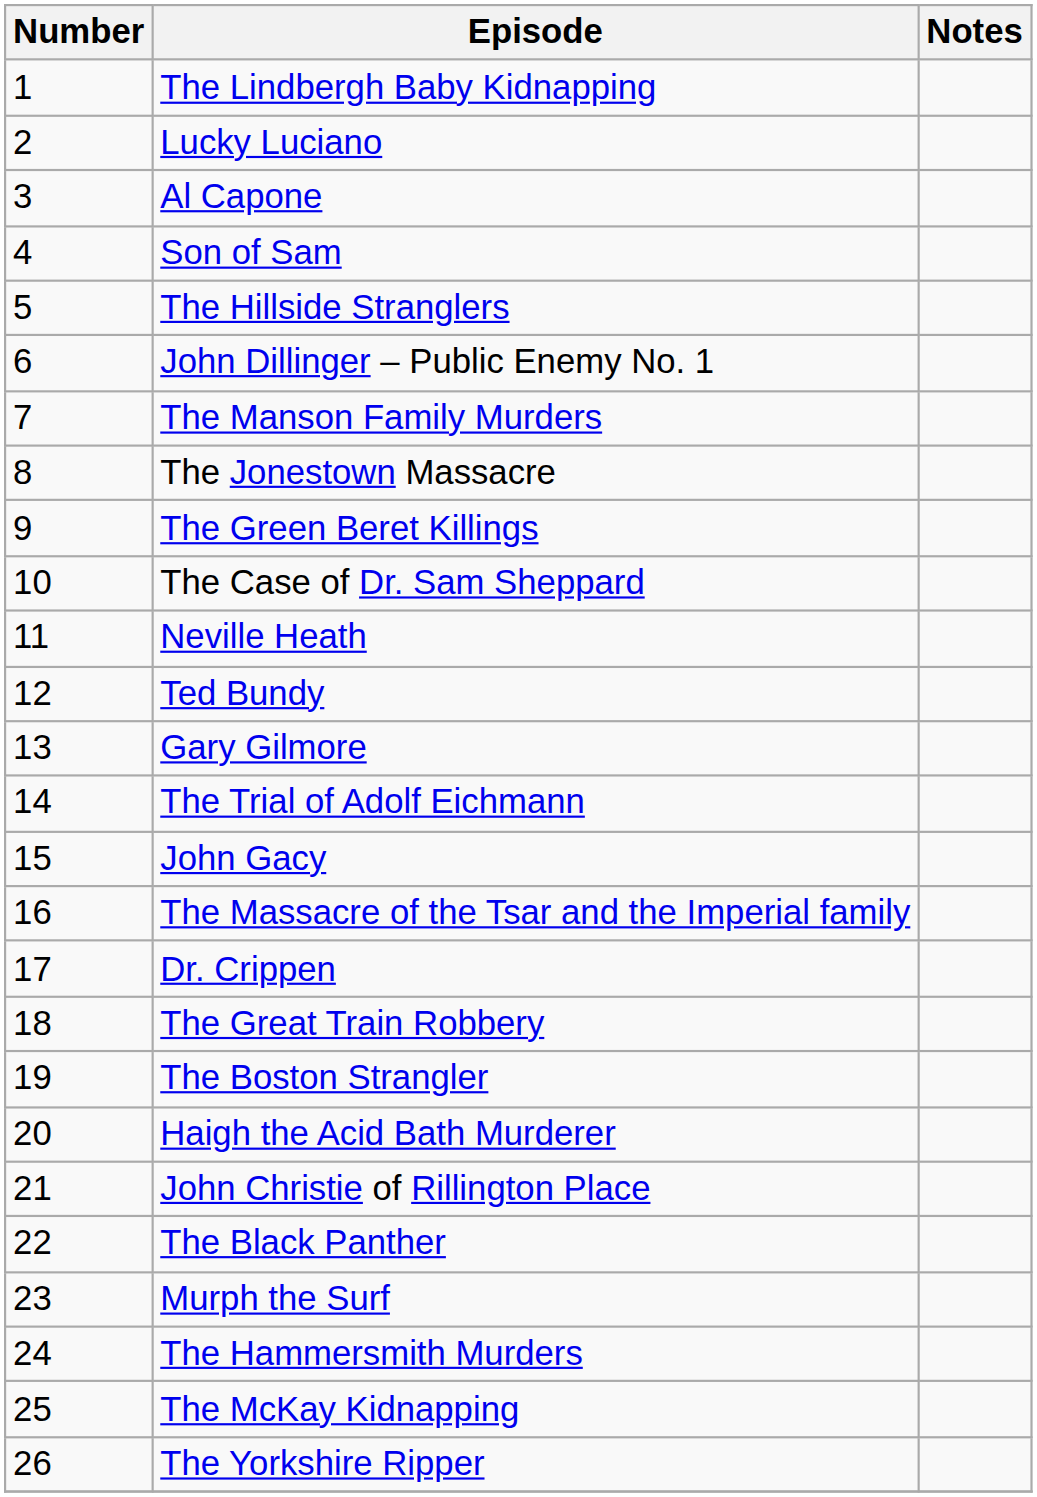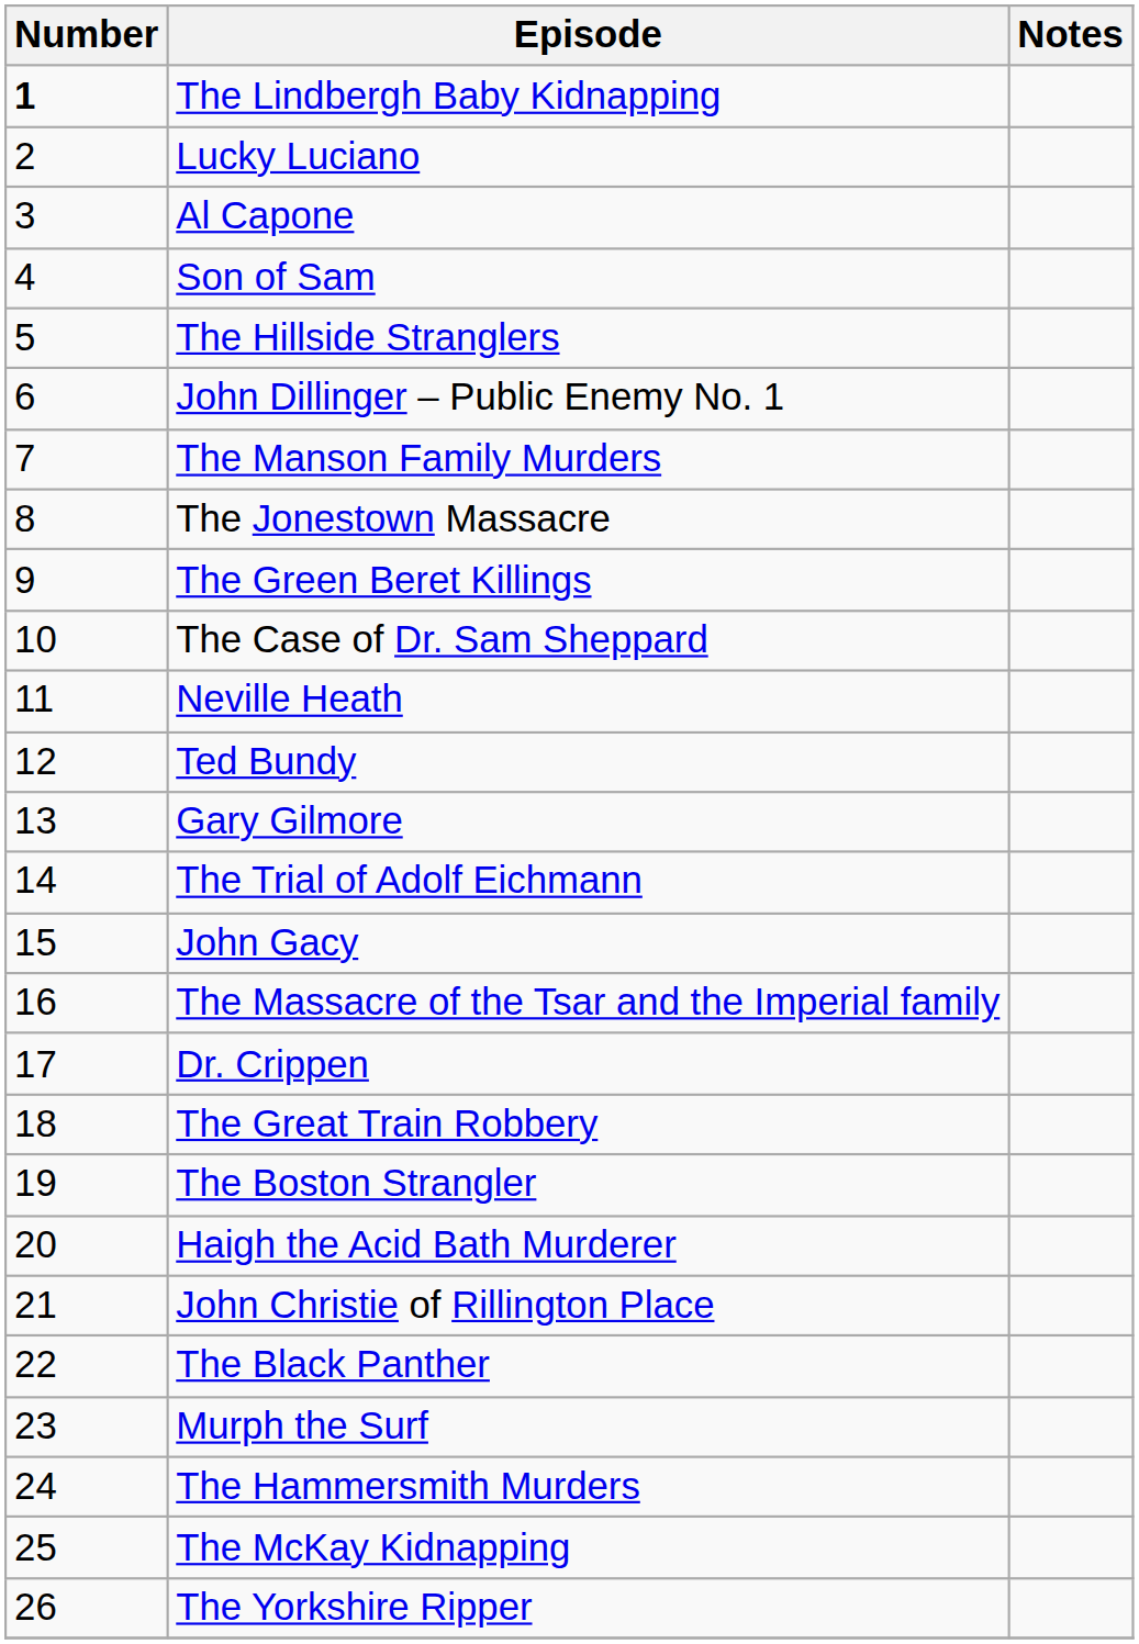 <table class="wikitable">
 <tr>
 <th>Number</th>
 <th>Episode</th>
 <th>Notes</th>
 </tr>
 <tr>
-<td rowspan="1">1</td>
+<td rowspan="1"><strong>1</strong></td>
 <td><a href='#'>The Lindbergh Baby Kidnapping</a></td>
 <td></td>
 </tr>
 <tr>
 <td rowspan="1">2</td>
 <td><a href='#'>Lucky Luciano</a></td>
 <td></td>
 </tr>
 <tr>
 <td rowspan="1">3</td>
 <td><a href='#'>Al Capone</a></td>
 <td></td>
 </tr>
 <tr>
 <td rowspan="1">4</td>
 <td><a href='#'>Son of Sam</a></td>
 <td></td>
 </tr>
 <tr>
 <td rowspan="1">5</td>
 <td><a href='#'>The Hillside Stranglers</a></td>
 <td></td>
 </tr>
 <tr>
 <td rowspan="1">6</td>
 <td><a href='#'>John Dillinger</a> – Public Enemy No. 1</td>
 <td></td>
 </tr>
 <tr>
 <td rowspan="1">7</td>
 <td><a href='#'>The Manson Family Murders</a></td>
 <td></td>
 </tr>
 <tr>
 <td rowspan="1">8</td>
 <td>The <a href='#'>Jonestown</a> Massacre</td>
 <td></td>
 </tr>
 <tr>
 <td rowspan="1">9</td>
 <td><a href='#'>The Green Beret Killings</a></td>
 <td></td>
 </tr>
 <tr>
 <td rowspan="1">10</td>
 <td>The Case of <a href='#'>Dr. Sam Sheppard</a></td>
 <td></td>
 </tr>
 <tr>
 <td rowspan="1">11</td>
 <td><a href='#'>Neville Heath</a></td>
 <td></td>
 </tr>
 <tr>
 <td rowspan="1">12</td>
 <td><a href='#'>Ted Bundy</a></td>
 <td></td>
 </tr>
 <tr>
 <td rowspan="1">13</td>
 <td><a href='#'>Gary Gilmore</a></td>
 <td></td>
 </tr>
 <tr>
 <td rowspan="1">14</td>
 <td><a href='#'>The Trial of Adolf Eichmann</a></td>
 <td></td>
 </tr>
 <tr>
 <td rowspan="1">15</td>
 <td><a href='#'>John Gacy</a></td>
 <td></td>
 </tr>
 <tr>
 <td rowspan="1">16</td>
 <td><a href='#'>The Massacre of the Tsar and the Imperial family</a></td>
 <td></td>
 </tr>
 <tr>
 <td rowspan="1">17</td>
 <td><a href='#'>Dr. Crippen</a></td>
 <td></td>
 </tr>
 <tr>
 <td rowspan="1">18</td>
 <td><a href='#'>The Great Train Robbery</a></td>
 <td></td>
 </tr>
 <tr>
 <td rowspan="1">19</td>
 <td><a href='#'>The Boston Strangler</a></td>
 <td></td>
 </tr>
 <tr>
 <td rowspan="1">20</td>
 <td><a href='#'>Haigh the Acid Bath Murderer</a></td>
 <td></td>
 </tr>
 <tr>
 <td rowspan="1">21</td>
 <td><a href='#'>John Christie</a> of <a href='#'>Rillington Place</a></td>
 <td></td>
 </tr>
 <tr>
 <td rowspan="1">22</td>
 <td><a href='#'>The Black Panther</a></td>
 <td></td>
 </tr>
 <tr>
 <td rowspan="1">23</td>
 <td><a href='#'>Murph the Surf</a></td>
 <td></td>
 </tr>
 <tr>
 <td rowspan="1">24</td>
 <td><a href='#'>The Hammersmith Murders</a></td>
 <td></td>
 </tr>
 <tr>
 <td rowspan="1">25</td>
 <td><a href='#'>The McKay Kidnapping</a></td>
 <td></td>
 </tr>
 <tr>
 <td rowspan="1">26</td>
 <td><a href='#'>The Yorkshire Ripper</a></td>
 <td></td>
 </tr>
 <tr>
 </tr>
 </table>
